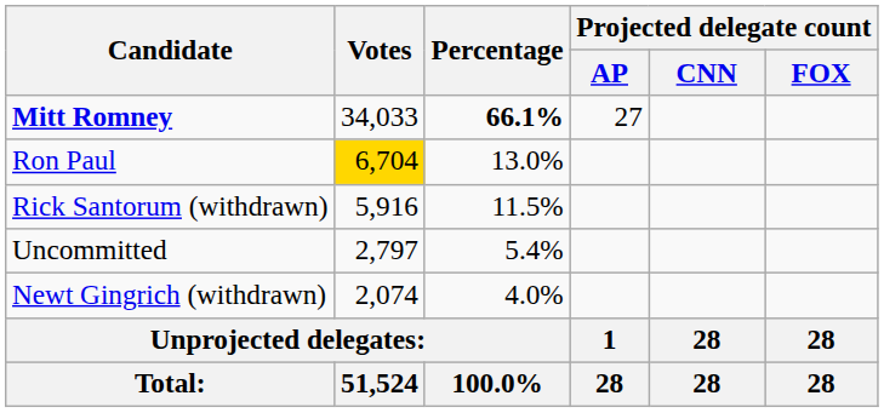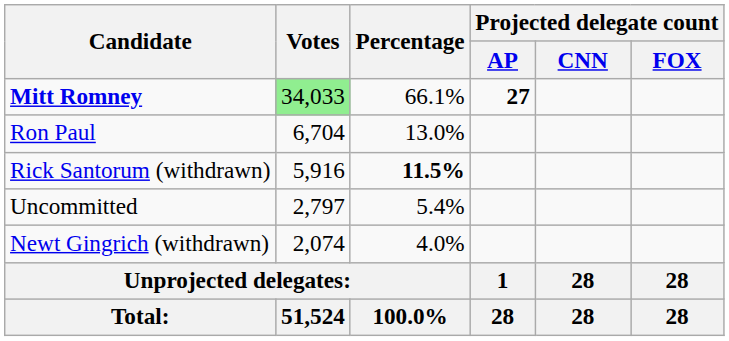 <table class="wikitable" style="text-align:right;">
 <tr>
 <th rowspan="2">Candidate</th>
 <th rowspan="2">Votes</th>
 <th rowspan="2">Percentage</th>
 <th colspan="3">Projected delegate count</th>
 </tr>
 <tr>
 <th><a href='#'>AP</a></th>
 <th><a href='#'>CNN</a><br></th>
 <th><a href='#'>FOX</a><br></th>
 </tr>
 <tr>
 <td style="text-align:left;"> <strong><a href='#'>Mitt Romney</a></strong></td>
-<td>34,033</td>
-<td><strong>66.1%</strong></td>
-<td>27</td>
+<td style="background: lightgreen;">34,033</td>
+<td>66.1%</td>
+<td><strong>27</strong></td>
 <td></td>
 <td></td>
 </tr>
 <tr>
 <td style="text-align:left;"><a href='#'>Ron Paul</a></td>
-<td style="background: gold;">6,704</td>
+<td>6,704</td>
 <td>13.0%</td>
 <td></td>
 <td></td>
 <td></td>
 </tr>
 <tr>
 <td style="text-align:left;"><a href='#'>Rick Santorum</a> (withdrawn)</td>
 <td>5,916</td>
-<td>11.5%</td>
+<td><strong>11.5%</strong></td>
 <td></td>
 <td></td>
 <td></td>
 </tr>
 <tr>
 <td style="text-align:left;">Uncommitted</td>
 <td>2,797</td>
 <td>5.4%</td>
 <td></td>
 <td></td>
 <td></td>
 </tr>
 <tr>
 <td style="text-align:left;"><a href='#'>Newt Gingrich</a> (withdrawn)</td>
 <td>2,074</td>
 <td>4.0%</td>
 <td></td>
 <td></td>
 <td></td>
 </tr>
 <tr style="background:#eee;">
 <th colspan="3">Unprojected delegates:</th>
 <th>1</th>
 <th>28</th>
 <th>28</th>
 </tr>
 <tr style="background:#eee;">
 <th>Total:</th>
 <th>51,524</th>
 <th>100.0%</th>
 <th>28</th>
 <th>28</th>
 <th>28</th>
 </tr>
 </table>
